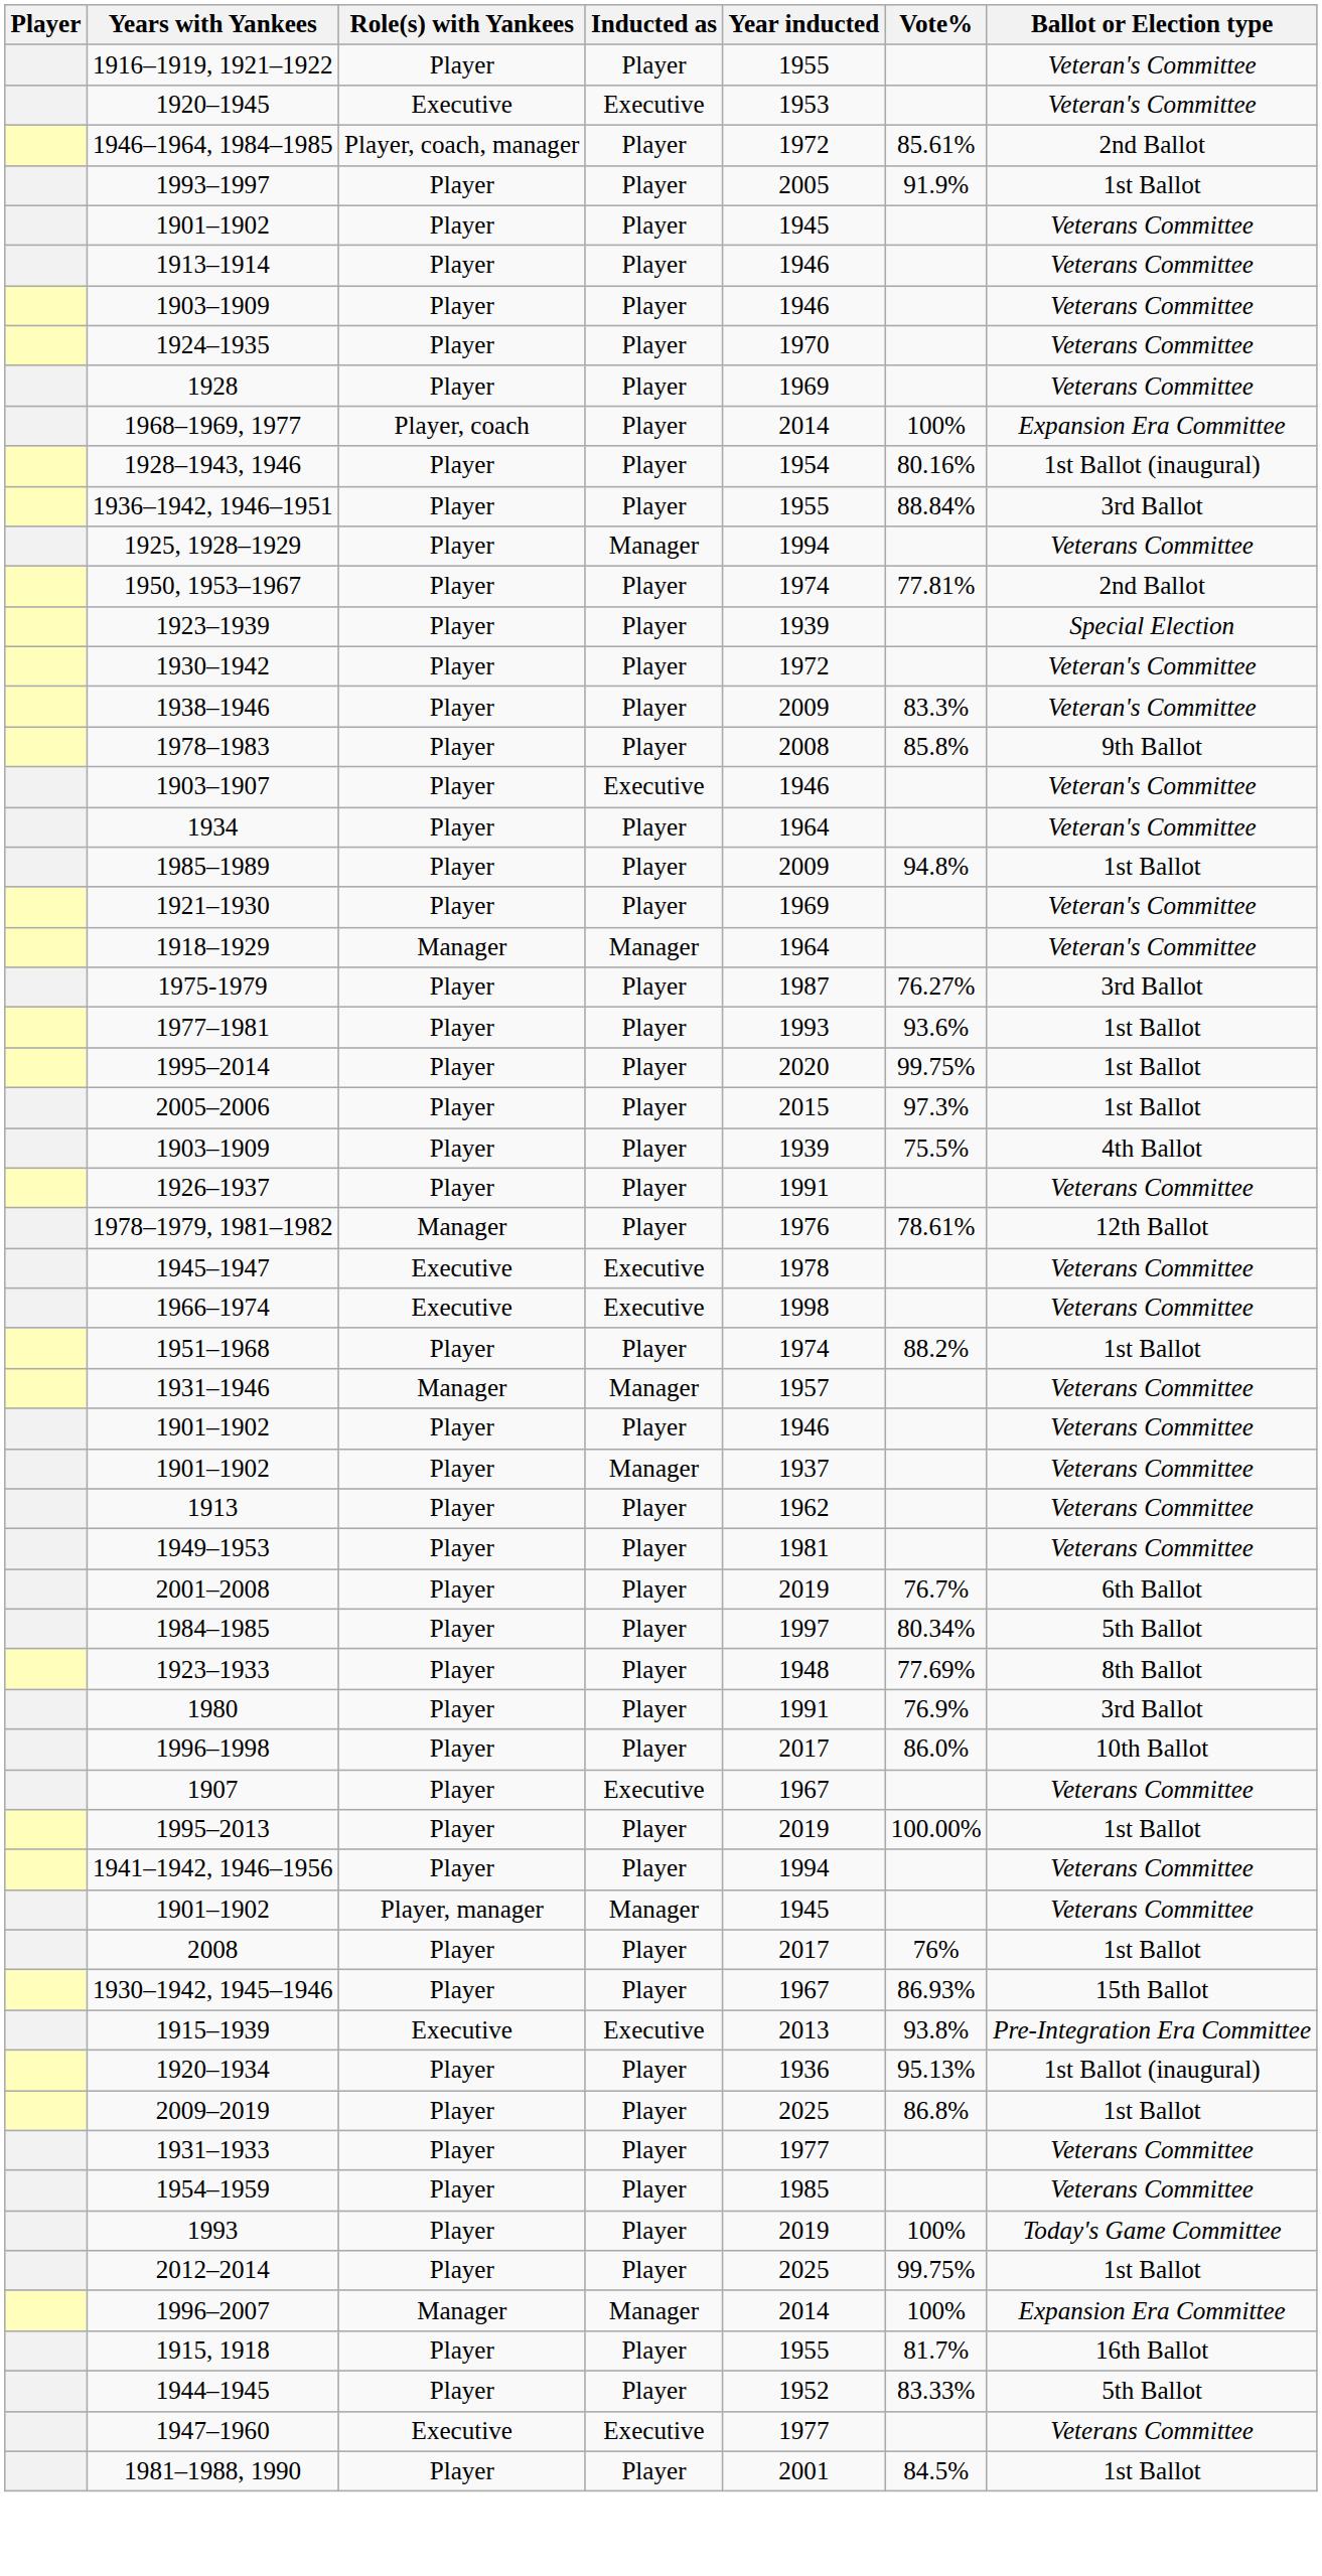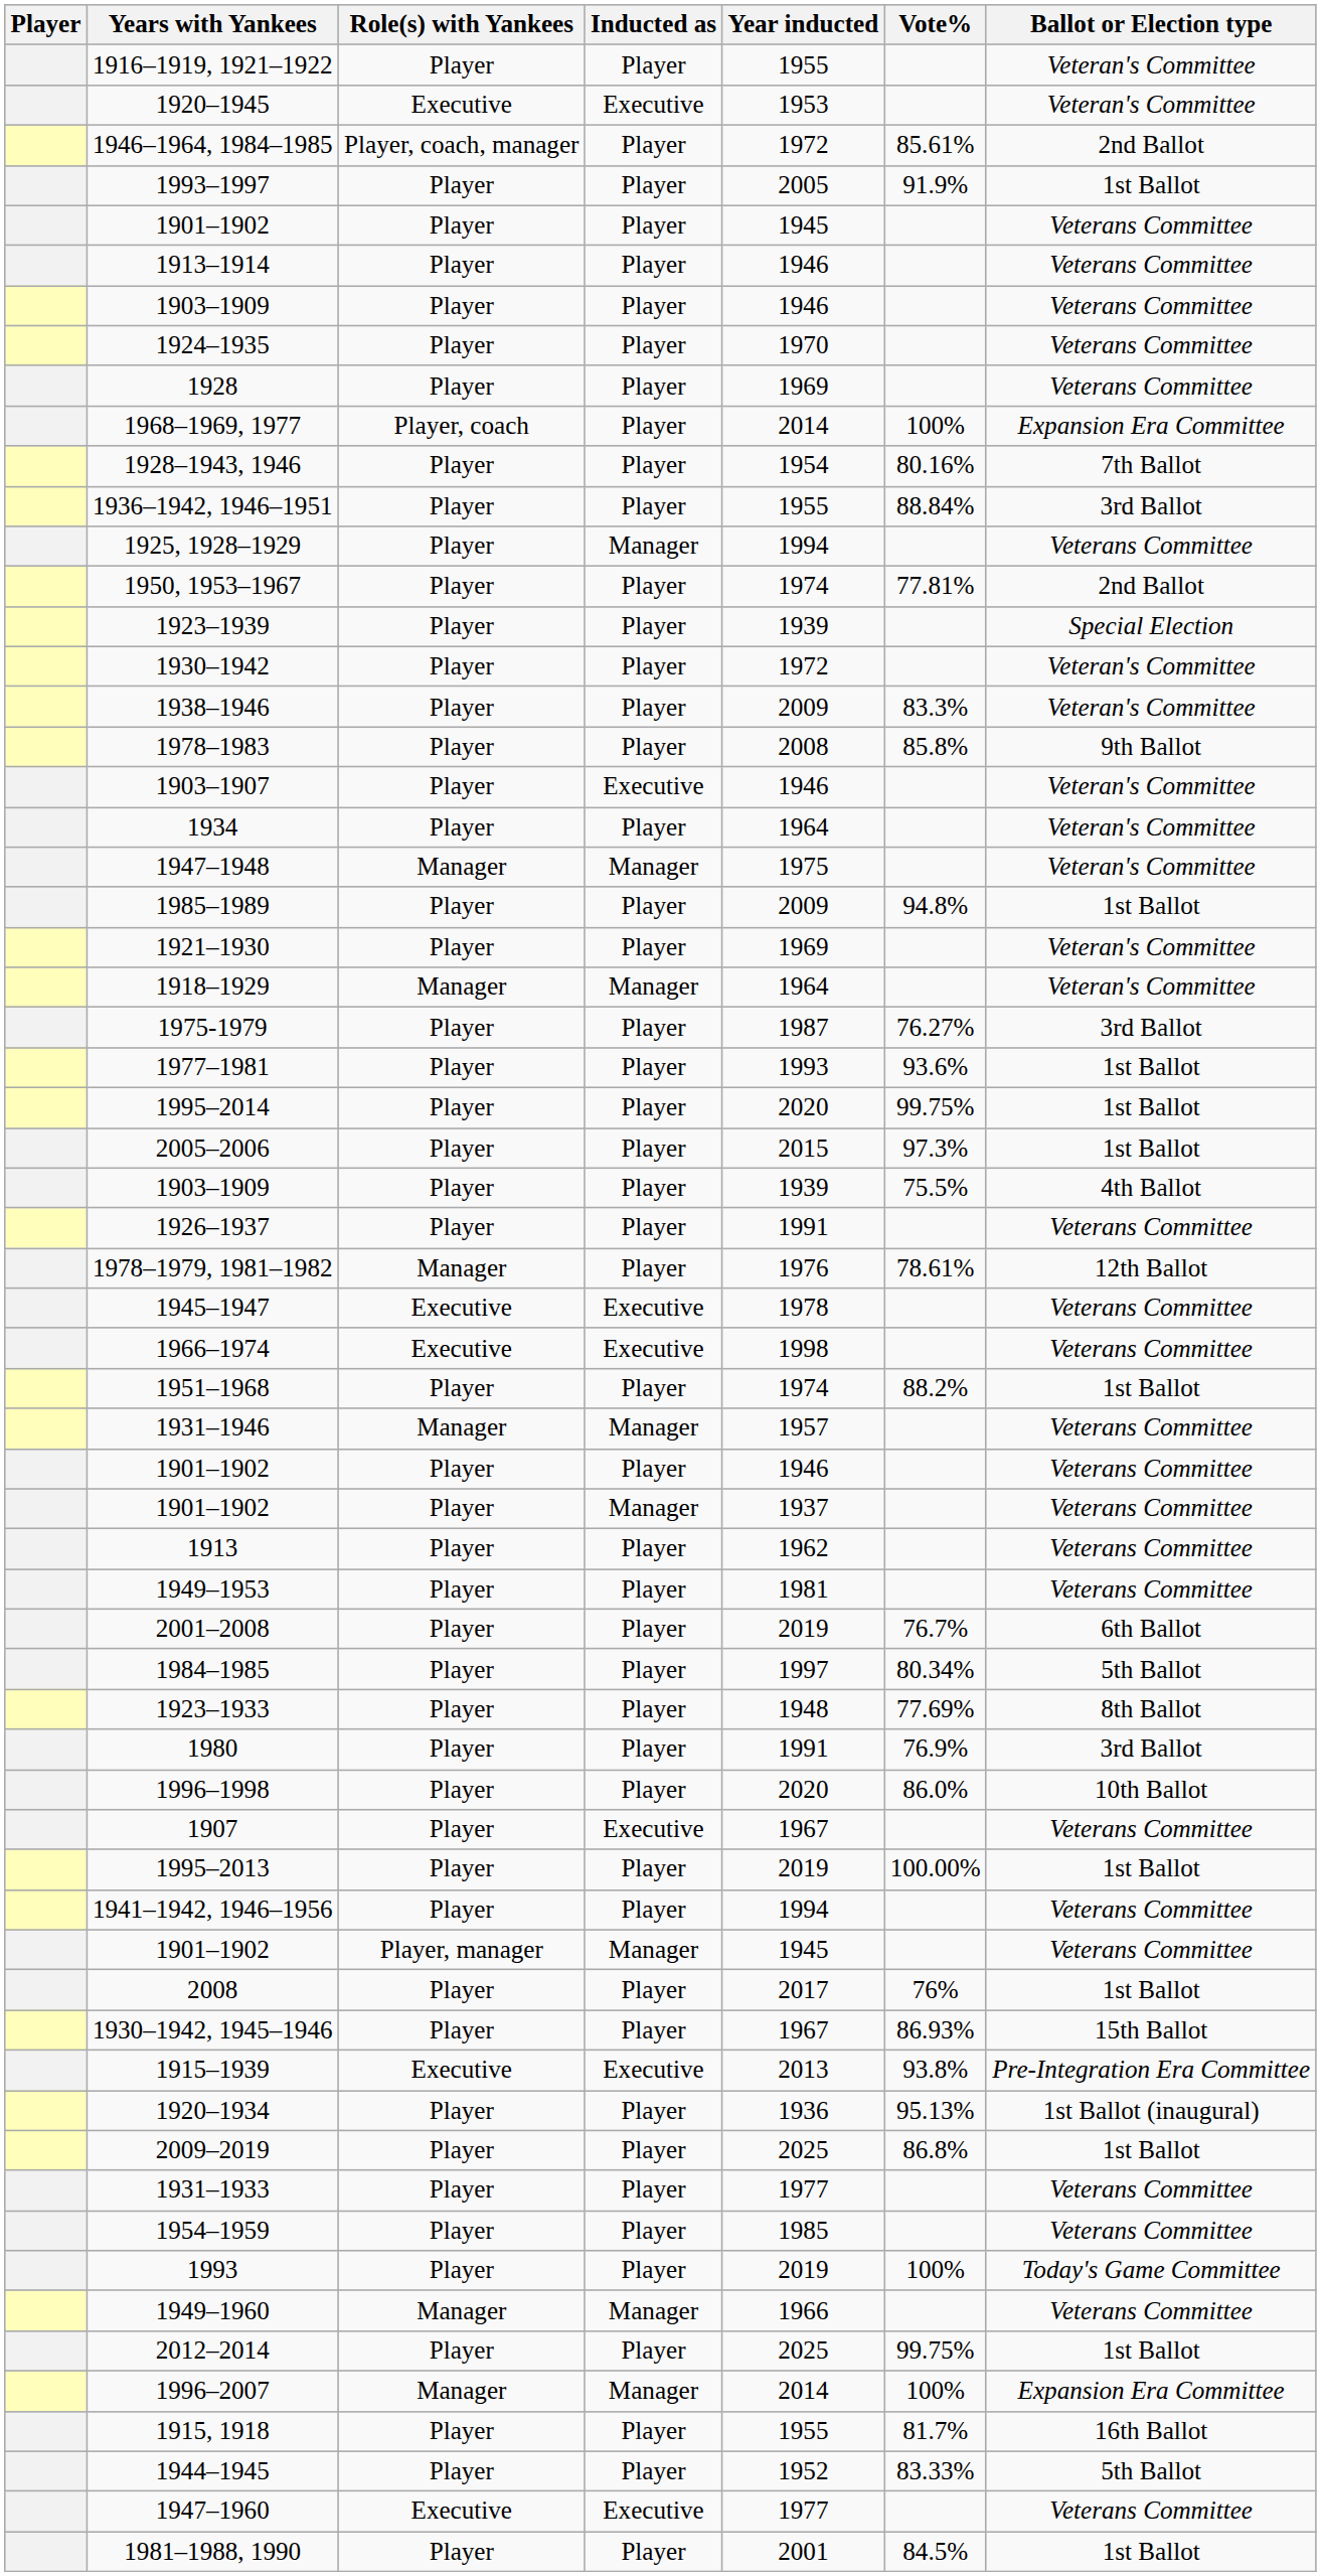 <table class="wikitable sortable" style="text-align:center; width=60%">
 <tr>
 <th scope="col">Player</th>
 <th scope="col">Years with Yankees</th>
 <th scope="col">Role(s) with Yankees</th>
 <th scope="col">Inducted as</th>
 <th scope="col">Year inducted</th>
 <th scope="col">Vote%</th>
 <th scope="col">Ballot or Election type</th>
 </tr>
 <tr>
 <th scope="row"></th>
 <td>1916–1919, 1921–1922</td>
 <td>Player</td>
 <td>Player</td>
 <td>1955</td>
 <td></td>
 <td><em>Veteran's Committee</em></td>
 </tr>
 <tr>
 <th scope="row"></th>
 <td>1920–1945</td>
 <td>Executive</td>
 <td>Executive</td>
 <td>1953</td>
 <td></td>
 <td><em>Veteran's Committee</em></td>
 </tr>
 <tr>
 <th scope="row" style="background:#ffb;"></th>
 <td>1946–1964, 1984–1985</td>
 <td>Player, coach, manager</td>
 <td>Player</td>
 <td>1972</td>
 <td>85.61%</td>
 <td>2nd Ballot</td>
 </tr>
 <tr>
 <th scope="row"></th>
 <td>1993–1997</td>
 <td>Player</td>
 <td>Player</td>
 <td>2005</td>
 <td>91.9%</td>
 <td>1st Ballot</td>
 </tr>
 <tr>
 <th scope="row"></th>
 <td>1901–1902</td>
 <td>Player</td>
 <td>Player</td>
 <td>1945</td>
 <td></td>
 <td><em>Veterans Committee</em></td>
 </tr>
 <tr>
 <th scope="row"></th>
 <td>1913–1914</td>
 <td>Player</td>
 <td>Player</td>
 <td>1946</td>
 <td></td>
 <td><em>Veterans Committee</em></td>
 </tr>
 <tr>
 <th scope="row" style="background:#ffb;"></th>
 <td>1903–1909</td>
 <td>Player</td>
 <td>Player</td>
 <td>1946</td>
 <td></td>
 <td><em>Veterans Committee</em></td>
 </tr>
 <tr>
 <th scope="row" style="background:#ffb;"></th>
 <td>1924–1935</td>
 <td>Player</td>
 <td>Player</td>
 <td>1970</td>
 <td></td>
 <td><em>Veterans Committee</em></td>
 </tr>
 <tr>
 <th scope="row"></th>
 <td>1928</td>
 <td>Player</td>
 <td>Player</td>
 <td>1969</td>
 <td></td>
 <td><em>Veterans Committee</em></td>
 </tr>
 <tr>
 <th scope="row"></th>
 <td>1968–1969, 1977</td>
 <td>Player, coach</td>
 <td>Player</td>
 <td>2014</td>
 <td>100%</td>
 <td><em>Expansion Era Committee</em></td>
 </tr>
 <tr>
 <th scope="row" style="background:#ffb;"></th>
 <td>1928–1943, 1946</td>
 <td>Player</td>
 <td>Player</td>
 <td>1954</td>
 <td>80.16%</td>
-<td>1st Ballot (inaugural)</td>
+<td>7th Ballot</td>
 </tr>
 <tr>
 <th scope="row" style="background:#ffb;"></th>
 <td>1936–1942, 1946–1951</td>
 <td>Player</td>
 <td>Player</td>
 <td>1955</td>
 <td>88.84%</td>
 <td>3rd Ballot</td>
 </tr>
 <tr>
 <th scope="row"></th>
 <td>1925, 1928–1929</td>
 <td>Player</td>
 <td>Manager</td>
 <td>1994</td>
 <td></td>
 <td><em>Veterans Committee</em></td>
 </tr>
 <tr>
 <th scope="row" style="background:#ffb;"></th>
 <td>1950, 1953–1967</td>
 <td>Player</td>
 <td>Player</td>
 <td>1974</td>
 <td>77.81%</td>
 <td>2nd Ballot</td>
 </tr>
 <tr>
 <th scope="row" style="background:#ffb;"></th>
 <td>1923–1939</td>
 <td>Player</td>
 <td>Player</td>
 <td>1939</td>
 <td></td>
 <td><em>Special Election</em></td>
 </tr>
 <tr>
 <th scope="row" style="background:#ffb;"></th>
 <td>1930–1942</td>
 <td>Player</td>
 <td>Player</td>
 <td>1972</td>
 <td></td>
 <td><em>Veteran's Committee</em></td>
 </tr>
 <tr>
 <th scope="row" style="background:#ffb;"></th>
 <td>1938–1946</td>
 <td>Player</td>
 <td>Player</td>
 <td>2009</td>
 <td>83.3%</td>
 <td><em>Veteran's Committee</em></td>
 </tr>
 <tr>
 <th scope="row" style="background:#ffb;"></th>
 <td>1978–1983</td>
 <td>Player</td>
 <td>Player</td>
 <td>2008</td>
 <td>85.8%</td>
 <td>9th Ballot</td>
 </tr>
 <tr>
 <th scope="row"></th>
 <td>1903–1907</td>
 <td>Player</td>
 <td>Executive</td>
 <td>1946</td>
 <td></td>
 <td><em>Veteran's Committee</em></td>
 </tr>
 <tr>
 <th scope="row"></th>
 <td>1934</td>
 <td>Player</td>
 <td>Player</td>
 <td>1964</td>
+<td></td>
+<td><em>Veteran's Committee</em></td>
+</tr>
+<tr>
+<th scope="row"></th>
+<td>1947–1948</td>
+<td>Manager</td>
+<td>Manager</td>
+<td>1975</td>
 <td></td>
 <td><em>Veteran's Committee</em></td>
 </tr>
 <tr>
 <th scope="row"></th>
 <td>1985–1989</td>
 <td>Player</td>
 <td>Player</td>
 <td>2009</td>
 <td>94.8%</td>
 <td>1st Ballot</td>
 </tr>
 <tr>
 <th scope="row" style="background:#ffb;"></th>
 <td>1921–1930</td>
 <td>Player</td>
 <td>Player</td>
 <td>1969</td>
 <td></td>
 <td><em>Veteran's Committee</em></td>
 </tr>
 <tr>
 <th scope="row" style="background:#ffb;"></th>
 <td>1918–1929</td>
 <td>Manager</td>
 <td>Manager</td>
 <td>1964</td>
 <td></td>
 <td><em>Veteran's Committee</em></td>
 </tr>
 <tr>
 <th scope="row"></th>
 <td>1975-1979</td>
 <td>Player</td>
 <td>Player</td>
 <td>1987</td>
 <td>76.27%</td>
 <td>3rd Ballot</td>
 </tr>
 <tr>
 <th scope="row" style="background:#ffb;"></th>
 <td>1977–1981</td>
 <td>Player</td>
 <td>Player</td>
 <td>1993</td>
 <td>93.6%</td>
 <td>1st Ballot</td>
 </tr>
 <tr>
 <th style="background:#ffb;"></th>
 <td>1995–2014</td>
 <td>Player</td>
 <td>Player</td>
 <td>2020</td>
 <td>99.75%</td>
 <td>1st Ballot</td>
 </tr>
 <tr>
 <th scope="row"></th>
 <td>2005–2006</td>
 <td>Player</td>
 <td>Player</td>
 <td>2015</td>
 <td>97.3%</td>
 <td>1st Ballot</td>
 </tr>
 <tr>
 <th scope="row"></th>
 <td>1903–1909</td>
 <td>Player</td>
 <td>Player</td>
 <td>1939</td>
 <td>75.5%</td>
 <td>4th Ballot</td>
 </tr>
 <tr>
 <th scope="row" style="background:#ffb;"></th>
 <td>1926–1937</td>
 <td>Player</td>
 <td>Player</td>
 <td>1991</td>
 <td></td>
 <td><em>Veterans Committee</em></td>
 </tr>
 <tr>
 <th scope="row"></th>
 <td>1978–1979, 1981–1982</td>
 <td>Manager</td>
 <td>Player</td>
 <td>1976</td>
 <td>78.61%</td>
 <td>12th Ballot</td>
 </tr>
 <tr>
 <th scope="row"></th>
 <td>1945–1947</td>
 <td>Executive</td>
 <td>Executive</td>
 <td>1978</td>
 <td></td>
 <td><em>Veterans Committee</em></td>
 </tr>
 <tr>
 <th scope="row"></th>
 <td>1966–1974</td>
 <td>Executive</td>
 <td>Executive</td>
 <td>1998</td>
 <td></td>
 <td><em>Veterans Committee</em></td>
 </tr>
 <tr>
 <th scope="row" style="background:#ffb;"></th>
 <td>1951–1968</td>
 <td>Player</td>
 <td>Player</td>
 <td>1974</td>
 <td>88.2%</td>
 <td>1st Ballot</td>
 </tr>
 <tr>
 <th scope="row" style="background:#ffb;"></th>
 <td>1931–1946</td>
 <td>Manager</td>
 <td>Manager</td>
 <td>1957</td>
 <td></td>
 <td><em>Veterans Committee</em></td>
 </tr>
 <tr>
 <th scope="row"></th>
 <td>1901–1902</td>
 <td>Player</td>
 <td>Player</td>
 <td>1946</td>
 <td></td>
 <td><em>Veterans Committee</em></td>
 </tr>
 <tr>
 <th scope="row"></th>
 <td>1901–1902</td>
 <td>Player</td>
 <td>Manager</td>
 <td>1937</td>
 <td></td>
 <td><em>Veterans Committee</em></td>
 </tr>
 <tr>
 <th scope="row"></th>
 <td>1913</td>
 <td>Player</td>
 <td>Player</td>
 <td>1962</td>
 <td></td>
 <td><em>Veterans Committee</em></td>
 </tr>
 <tr>
 <th scope="row"></th>
 <td>1949–1953</td>
 <td>Player</td>
 <td>Player</td>
 <td>1981</td>
 <td></td>
 <td><em>Veterans Committee</em></td>
 </tr>
 <tr>
 <th scope="row"></th>
 <td>2001–2008</td>
 <td>Player</td>
 <td>Player</td>
 <td>2019</td>
 <td>76.7%</td>
 <td>6th Ballot</td>
 </tr>
 <tr>
 <th scope="row"></th>
 <td>1984–1985</td>
 <td>Player</td>
 <td>Player</td>
 <td>1997</td>
 <td>80.34%</td>
 <td>5th Ballot</td>
 </tr>
 <tr>
 <th scope="row" style="background:#ffb;"></th>
 <td>1923–1933</td>
 <td>Player</td>
 <td>Player</td>
 <td>1948</td>
 <td>77.69%</td>
 <td>8th Ballot</td>
 </tr>
 <tr>
 <th scope="row"></th>
 <td>1980</td>
 <td>Player</td>
 <td>Player</td>
 <td>1991</td>
 <td>76.9%</td>
 <td>3rd Ballot</td>
 </tr>
 <tr>
 <th scope="row"></th>
 <td>1996–1998</td>
 <td>Player</td>
 <td>Player</td>
-<td>2017</td>
+<td>2020</td>
 <td>86.0%</td>
 <td>10th Ballot</td>
 </tr>
 <tr>
 <th scope="row"></th>
 <td>1907</td>
 <td>Player</td>
 <td>Executive</td>
 <td>1967</td>
 <td></td>
 <td><em>Veterans Committee</em></td>
 </tr>
 <tr>
 <th scope="row" style="background:#ffb;"></th>
 <td>1995–2013</td>
 <td>Player</td>
 <td>Player</td>
 <td>2019</td>
 <td>100.00%</td>
 <td>1st Ballot</td>
 </tr>
 <tr>
 <th scope="row" style="background:#ffb;"></th>
 <td>1941–1942, 1946–1956</td>
 <td>Player</td>
 <td>Player</td>
 <td>1994</td>
 <td></td>
 <td><em>Veterans Committee</em></td>
 </tr>
 <tr>
 <th scope="row"></th>
 <td>1901–1902</td>
 <td>Player, manager</td>
 <td>Manager</td>
 <td>1945</td>
 <td></td>
 <td><em>Veterans Committee</em></td>
 </tr>
 <tr>
 <th scope="row"></th>
 <td>2008</td>
 <td>Player</td>
 <td>Player</td>
 <td>2017</td>
 <td>76%</td>
 <td>1st Ballot</td>
 </tr>
 <tr>
 <th scope="row" style="background:#ffb;"></th>
 <td>1930–1942, 1945–1946</td>
 <td>Player</td>
 <td>Player</td>
 <td>1967</td>
 <td>86.93%</td>
 <td>15th Ballot</td>
 </tr>
 <tr>
 <th scope="row"></th>
 <td>1915–1939</td>
 <td>Executive</td>
 <td>Executive</td>
 <td>2013</td>
 <td>93.8%</td>
 <td><em>Pre-Integration Era Committee</em></td>
 </tr>
 <tr>
 <th scope="row" style="background:#ffb;"></th>
 <td>1920–1934</td>
 <td>Player</td>
 <td>Player</td>
 <td>1936</td>
 <td>95.13%</td>
 <td>1st Ballot (inaugural)</td>
 </tr>
 <tr>
 <th scope="row" style="background:#ffb;"></th>
 <td>2009–2019</td>
 <td>Player</td>
 <td>Player</td>
 <td>2025</td>
 <td>86.8%</td>
 <td>1st Ballot</td>
 </tr>
 <tr>
 <th scope="row"></th>
 <td>1931–1933</td>
 <td>Player</td>
 <td>Player</td>
 <td>1977</td>
 <td></td>
 <td><em>Veterans Committee</em></td>
 </tr>
 <tr>
 <th scope="row"></th>
 <td>1954–1959</td>
 <td>Player</td>
 <td>Player</td>
 <td>1985</td>
 <td></td>
 <td><em>Veterans Committee</em></td>
 </tr>
 <tr>
 <th scope="row"></th>
 <td>1993</td>
 <td>Player</td>
 <td>Player</td>
 <td>2019</td>
 <td>100%</td>
 <td><em>Today's Game Committee</em></td>
 </tr>
 <tr>
+<th scope="row" style="background:#ffb;"></th>
+<td>1949–1960</td>
+<td>Manager</td>
+<td>Manager</td>
+<td>1966</td>
+<td></td>
+<td><em>Veterans Committee</em></td>
+</tr>
+<tr>
 <th scope="row"></th>
 <td>2012–2014</td>
 <td>Player</td>
 <td>Player</td>
 <td>2025</td>
 <td>99.75%</td>
 <td>1st Ballot</td>
 </tr>
 <tr>
 <th scope="row" style="background:#ffb;"></th>
 <td>1996–2007</td>
 <td>Manager</td>
 <td>Manager</td>
 <td>2014</td>
 <td>100%</td>
 <td><em>Expansion Era Committee</em></td>
 </tr>
 <tr>
 <th scope="row"></th>
 <td>1915, 1918</td>
 <td>Player</td>
 <td>Player</td>
 <td>1955</td>
 <td>81.7%</td>
 <td>16th Ballot</td>
 </tr>
 <tr>
 <th scope="row"></th>
 <td>1944–1945</td>
 <td>Player</td>
 <td>Player</td>
 <td>1952</td>
 <td>83.33%</td>
 <td>5th Ballot</td>
 </tr>
 <tr>
 <th scope="row"></th>
 <td>1947–1960</td>
 <td>Executive</td>
 <td>Executive</td>
 <td>1977</td>
 <td></td>
 <td><em>Veterans Committee</em></td>
 </tr>
 <tr>
 <th scope="row"></th>
 <td>1981–1988, 1990</td>
 <td>Player</td>
 <td>Player</td>
 <td>2001</td>
 <td>84.5%</td>
 <td>1st Ballot</td>
 </tr>
 </table>
